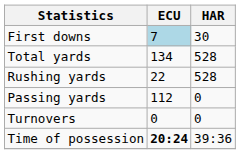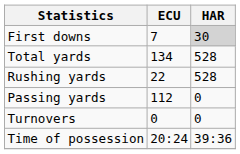 <table class="wikitable" style="float: left;">
 <tr>
 <th>Statistics</th>
 <th>ECU</th>
 <th>HAR</th>
 </tr>
 <tr>
 <td>First downs</td>
-<td style="background: lightblue;">7</td>
-<td>30</td>
+<td>7</td>
+<td style="background: lightgrey;">30</td>
 </tr>
 <tr>
 <td>Total yards</td>
 <td>134</td>
 <td>528</td>
 </tr>
 <tr>
 <td>Rushing yards</td>
 <td>22</td>
 <td>528</td>
 </tr>
 <tr>
 <td>Passing yards</td>
 <td>112</td>
 <td>0</td>
 </tr>
 <tr>
 <td>Turnovers</td>
 <td>0</td>
 <td>0</td>
 </tr>
 <tr>
 <td>Time of possession</td>
-<td><strong>20:24</strong></td>
+<td>20:24</td>
 <td>39:36</td>
 </tr>
 <tr>
 </tr>
 </table>
